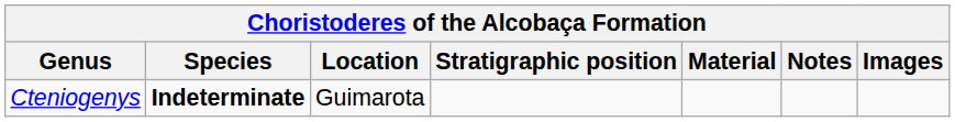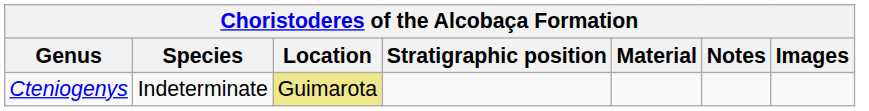 <table class="wikitable" align="center">
 <tr>
 <th colspan="7" align="center"><a href='#'>Choristoderes</a> of the Alcobaça Formation</th>
 </tr>
 <tr>
 <th>Genus</th>
 <th>Species</th>
 <th>Location</th>
 <th>Stratigraphic position</th>
 <th>Material</th>
 <th>Notes</th>
 <th>Images</th>
 </tr>
 <tr>
 <td><em><a href='#'>Cteniogenys</a></em></td>
-<td><strong>Indeterminate</strong></td>
-<td>Guimarota</td>
+<td>Indeterminate</td>
+<td style="background: khaki;">Guimarota</td>
 <td></td>
 <td></td>
 <td></td>
 <td></td>
 </tr>
 </table>
